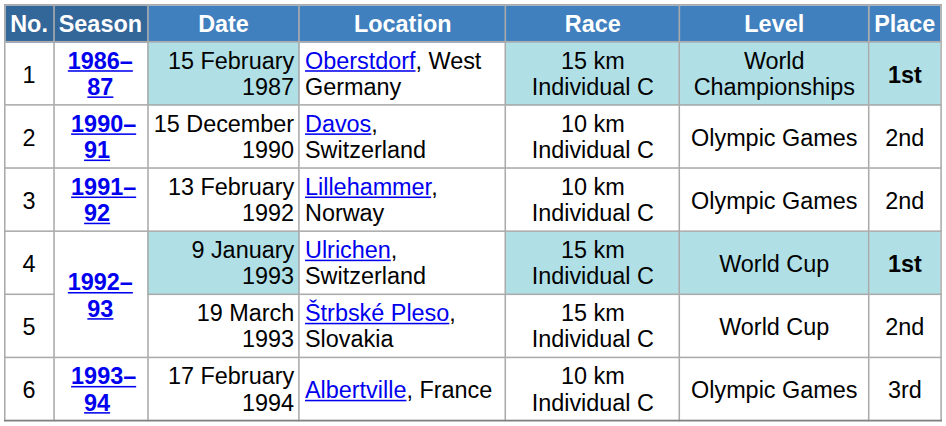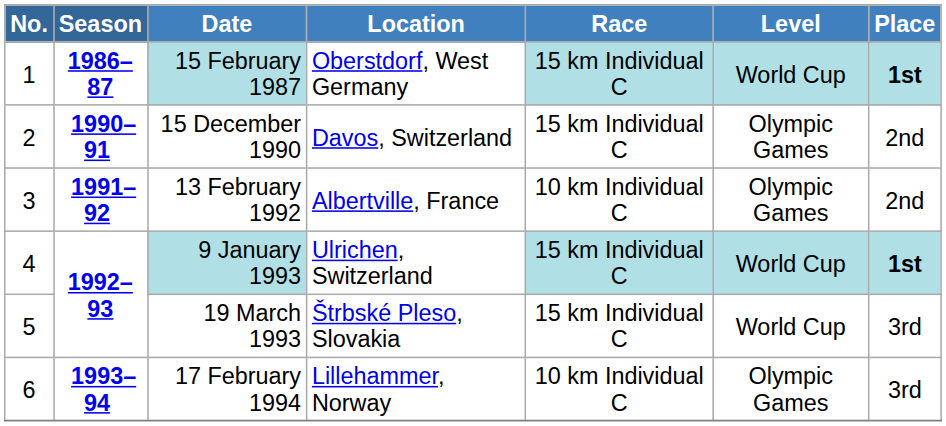 <table class="wikitable sortable" style="font-size:95%; text-align:center; border:grey solid 1px; border-collapse:collapse; background:#ffffff;">
 <tr style="background:#efefef;">
 <th style="background-color:#369; color:white;">No.</th>
 <th style="background-color:#369; color:white;">Season</th>
 <th style="background-color:#4180be; color:white; width:120px;">Date</th>
 <th style="background-color:#4180be; color:white; width:180px;">Location</th>
 <th style="background-color:#4180be; color:white; width:160px;">Race</th>
 <th style="background-color:#4180be; color:white; width:130px;">Level</th>
 <th style="background-color:#4180be; color:white;">Place</th>
 </tr>
 <tr>
 <td align=center>1</td>
 <td rowspan=1 align=center><strong><a href='#'>1986–87</a></strong></td>
 <td bgcolor="#BOEOE6" align=right>15 February 1987</td>
 <td align=left> <a href='#'>Oberstdorf</a>, West Germany</td>
 <td bgcolor="#BOEOE6">15 km Individual C</td>
-<td bgcolor="#BOEOE6">World Championships</td>
+<td bgcolor="#BOEOE6">World Cup</td>
 <td bgcolor="#BOEOE6"><strong>1st</strong></td>
 </tr>
 <tr>
 <td align=center>2</td>
 <td rowspan=1 align=center><strong> <a href='#'>1990–91</a> </strong></td>
 <td align=right>15 December 1990</td>
 <td align=left> <a href='#'>Davos</a>, Switzerland</td>
-<td>10 km Individual C</td>
+<td>15 km Individual C</td>
 <td>Olympic Games</td>
 <td>2nd</td>
 </tr>
 <tr>
 <td align=center>3</td>
 <td rowspan=1 align=center><strong> <a href='#'>1991–92</a> </strong></td>
 <td align=right>13 February 1992</td>
-<td align=left> <a href='#'>Lillehammer</a>, Norway</td>
+<td align=left> <a href='#'>Albertville</a>, France</td>
 <td>10 km Individual C</td>
 <td>Olympic Games</td>
 <td>2nd</td>
 </tr>
 <tr>
 <td align=center>4</td>
 <td rowspan=2 align=center><strong><a href='#'>1992–93</a></strong></td>
 <td bgcolor="#BOEOE6" align=right>9 January 1993</td>
 <td align=left> <a href='#'>Ulrichen</a>, Switzerland</td>
 <td bgcolor="#BOEOE6">15 km Individual C</td>
 <td bgcolor="#BOEOE6">World Cup</td>
 <td bgcolor="#BOEOE6"><strong>1st</strong></td>
 </tr>
 <tr>
 <td align=center>5</td>
 <td align=right>19 March 1993</td>
 <td align=left> <a href='#'>Štrbské Pleso</a>, Slovakia</td>
 <td>15 km Individual C</td>
 <td>World Cup</td>
-<td>2nd</td>
+<td>3rd</td>
 </tr>
 <tr>
 <td align=center>6</td>
 <td rowspan=1 align=center><strong> <a href='#'>1993–94</a> </strong></td>
 <td align=right>17 February 1994</td>
-<td align=left> <a href='#'>Albertville</a>, France</td>
+<td align=left> <a href='#'>Lillehammer</a>, Norway</td>
 <td>10 km Individual C</td>
 <td>Olympic Games</td>
 <td>3rd</td>
 </tr>
 <tr>
 </tr>
 </table>
